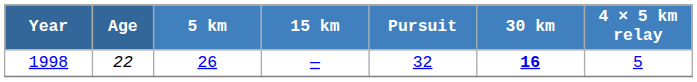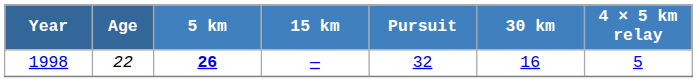 <table class="wikitable" style="font-size:95%; text-align:center; border:grey solid 1px; border-collapse:collapse; background:#ffffff;">
 <tr>
 <th style="background-color:#369; color:white; width:60px;"> Year </th>
 <th style="background-color:#369; color:white; width:40px;"> Age </th>
 <th style="background-color:#4180be; color:white; width:75px;"> 5 km </th>
 <th style="background-color:#4180be; color:white; width:75px;"> 15 km </th>
 <th style="background-color:#4180be; color:white; width:75px;"> Pursuit </th>
 <th style="background-color:#4180be; color:white; width:75px;"> 30 km </th>
 <th style="background-color:#4180be; color:white; width:75px;"> 4 × 5 km <br> relay </th>
 </tr>
 <tr>
 <td><a href='#'>1998</a></td>
 <td><em>22</em></td>
-<td><a href='#'>26</a></td>
+<td><strong><a href='#'>26</a></strong></td>
 <td><a href='#'>—</a></td>
 <td><a href='#'>32</a></td>
-<td><strong><a href='#'>16</a></strong></td>
+<td><a href='#'>16</a></td>
 <td><a href='#'>5</a></td>
 </tr>
 <tr>
 </tr>
 </table>
